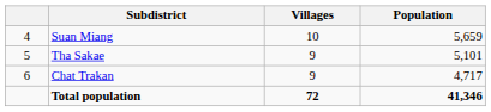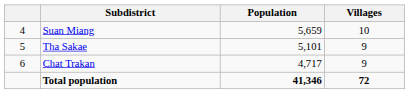 <table class="wikitable" style="width:48%; display:inline-table;">
 <tr>
 <th scope="col" style="width:9%;"> </th>
 <th scope="col" style="width:45%;">Subdistrict</th>
+<th scope="col" style="width:26%;">Population</th>
 <th scope="col" style="width:20%;">Villages</th>
-<th scope="col" style="width:26%;">Population</th>
 </tr>
 <tr>
 <td style="text-align:center;">4</td>
 <td><a href='#'>Suan Miang</a></td>
+<td style="text-align:right;">5,659</td>
 <td style="text-align:center;">10</td>
-<td style="text-align:right;">5,659</td>
 </tr>
 <tr>
 <td style="text-align:center;">5</td>
 <td><a href='#'>Tha Sakae</a></td>
+<td style="text-align:right;">5,101</td>
 <td style="text-align:center;">9</td>
-<td style="text-align:right;">5,101</td>
 </tr>
 <tr>
 <td style="text-align:center;">6</td>
 <td><a href='#'>Chat Trakan</a></td>
+<td style="text-align:right;">4,717</td>
 <td style="text-align:center;">9</td>
-<td style="text-align:right;">4,717</td>
 </tr>
 <tr>
 <td></td>
 <td><strong>Total population</strong></td>
+<td style="text-align:right;"><strong>41,346</strong></td>
 <td style="text-align:center;"><strong>72</strong></td>
-<td style="text-align:right;"><strong>41,346</strong></td>
 </tr>
 </table>
